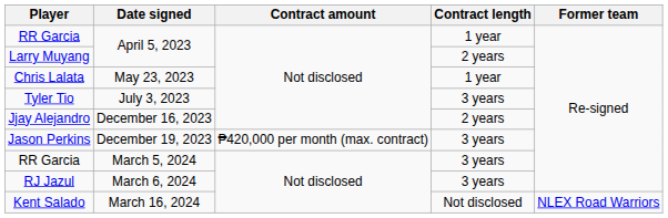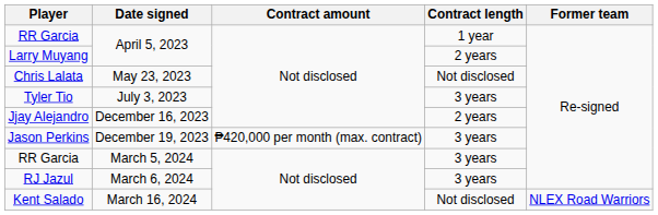 <table class="wikitable sortable sortable">
 <tr>
 <th>Player</th>
 <th>Date signed</th>
 <th>Contract amount</th>
 <th>Contract length</th>
 <th>Former team</th>
 </tr>
 <tr>
 <td align=center><a href='#'>RR Garcia</a></td>
 <td align=center rowspan=2>April 5, 2023</td>
 <td align=center rowspan=5>Not disclosed</td>
 <td align=center>1 year</td>
 <td align=center rowspan=8>Re-signed</td>
 </tr>
 <tr>
 <td align=center><a href='#'>Larry Muyang</a></td>
 <td align=center>2 years</td>
 </tr>
 <tr>
 <td align=center><a href='#'>Chris Lalata</a></td>
 <td align=center>May 23, 2023</td>
-<td align=center>1 year</td>
+<td align=center>Not disclosed</td>
 </tr>
 <tr>
 <td align=center><a href='#'>Tyler Tio</a></td>
 <td align=center>July 3, 2023</td>
 <td align=center>3 years</td>
 </tr>
 <tr>
 <td align=center><a href='#'>Jjay Alejandro</a></td>
 <td align=center>December 16, 2023</td>
 <td align=center>2 years</td>
 </tr>
 <tr>
 <td align=center><a href='#'>Jason Perkins</a></td>
 <td align=center>December 19, 2023</td>
 <td align=center>₱420,000 per month (max. contract)</td>
 <td align=center>3 years</td>
 </tr>
 <tr>
 <td align=center>RR Garcia</td>
 <td align=center>March 5, 2024</td>
 <td align=center rowspan=3>Not disclosed</td>
 <td align=center>3 years</td>
 </tr>
 <tr>
 <td align=center><a href='#'>RJ Jazul</a></td>
 <td align=center>March 6, 2024</td>
 <td align=center>3 years</td>
 </tr>
 <tr>
 <td align=center><a href='#'>Kent Salado</a></td>
 <td align=center>March 16, 2024</td>
 <td align=center>Not disclosed</td>
 <td align=center><a href='#'>NLEX Road Warriors</a></td>
 </tr>
 </table>
